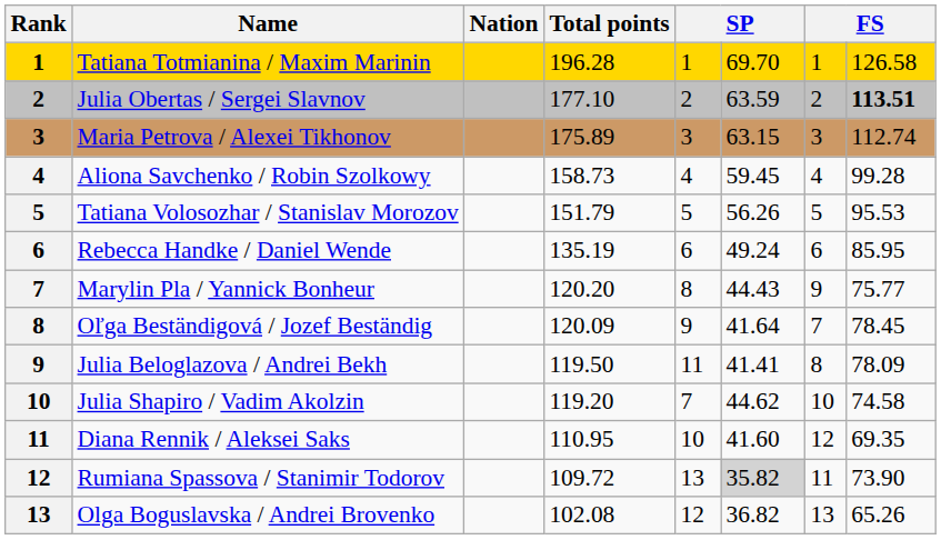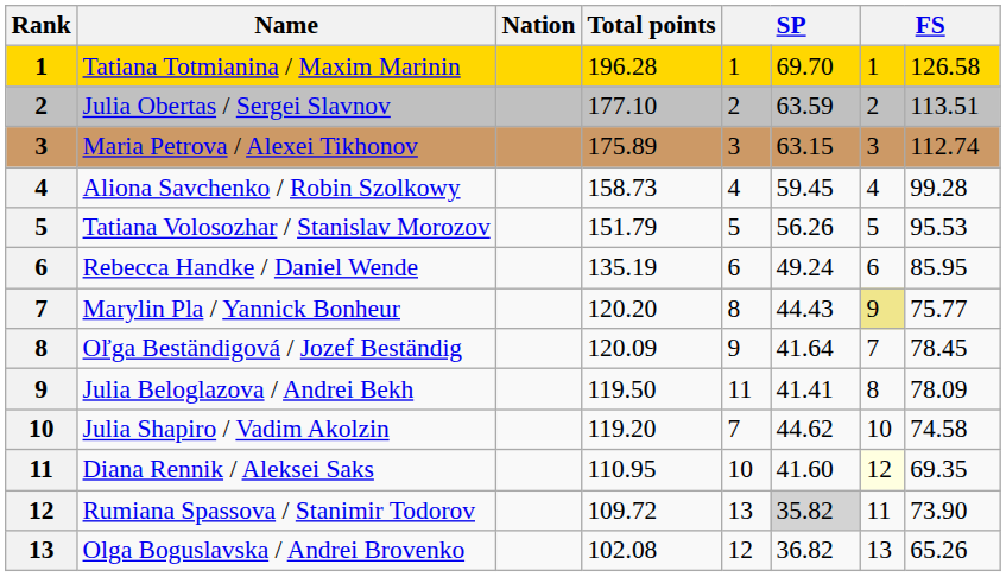 <table class="wikitable">
 <tr>
 <th>Rank</th>
 <th>Name</th>
 <th>Nation</th>
 <th>Total points</th>
 <th colspan="2" width="80px"><a href='#'>SP</a></th>
 <th colspan="2" width="80px"><a href='#'>FS</a></th>
 </tr>
 <tr bgcolor="gold">
 <td align="center"><strong>1</strong></td>
 <td><a href='#'>Tatiana Totmianina</a> / <a href='#'>Maxim Marinin</a></td>
 <td></td>
 <td>196.28</td>
 <td>1</td>
 <td>69.70</td>
 <td>1</td>
 <td>126.58</td>
 </tr>
 <tr bgcolor="silver">
 <td align="center"><strong>2</strong></td>
 <td><a href='#'>Julia Obertas</a> / <a href='#'>Sergei Slavnov</a></td>
 <td></td>
 <td>177.10</td>
 <td>2</td>
 <td>63.59</td>
 <td>2</td>
-<td><strong>113.51</strong></td>
+<td>113.51</td>
 </tr>
 <tr bgcolor="cc9966">
 <td align="center"><strong>3</strong></td>
 <td><a href='#'>Maria Petrova</a> / <a href='#'>Alexei Tikhonov</a></td>
 <td></td>
 <td>175.89</td>
 <td>3</td>
 <td>63.15</td>
 <td>3</td>
 <td>112.74</td>
 </tr>
 <tr>
 <th>4</th>
 <td><a href='#'>Aliona Savchenko</a> / <a href='#'>Robin Szolkowy</a></td>
 <td></td>
 <td>158.73</td>
 <td>4</td>
 <td>59.45</td>
 <td>4</td>
 <td>99.28</td>
 </tr>
 <tr>
 <th>5</th>
 <td><a href='#'>Tatiana Volosozhar</a> / <a href='#'>Stanislav Morozov</a></td>
 <td></td>
 <td>151.79</td>
 <td>5</td>
 <td>56.26</td>
 <td>5</td>
 <td>95.53</td>
 </tr>
 <tr>
 <th>6</th>
 <td><a href='#'>Rebecca Handke</a> / <a href='#'>Daniel Wende</a></td>
 <td></td>
 <td>135.19</td>
 <td>6</td>
 <td>49.24</td>
 <td>6</td>
 <td>85.95</td>
 </tr>
 <tr>
 <th>7</th>
 <td><a href='#'>Marylin Pla</a> / <a href='#'>Yannick Bonheur</a></td>
 <td></td>
 <td>120.20</td>
 <td>8</td>
 <td>44.43</td>
-<td>9</td>
+<td style="background: khaki;">9</td>
 <td>75.77</td>
 </tr>
 <tr>
 <th>8</th>
 <td><a href='#'>Oľga Beständigová</a> / <a href='#'>Jozef Beständig</a></td>
 <td></td>
 <td>120.09</td>
 <td>9</td>
 <td>41.64</td>
 <td>7</td>
 <td>78.45</td>
 </tr>
 <tr>
 <th>9</th>
 <td><a href='#'>Julia Beloglazova</a> / <a href='#'>Andrei Bekh</a></td>
 <td></td>
 <td>119.50</td>
 <td>11</td>
 <td>41.41</td>
 <td>8</td>
 <td>78.09</td>
 </tr>
 <tr>
 <th>10</th>
 <td><a href='#'>Julia Shapiro</a> / <a href='#'>Vadim Akolzin</a></td>
 <td></td>
 <td>119.20</td>
 <td>7</td>
 <td>44.62</td>
 <td>10</td>
 <td>74.58</td>
 </tr>
 <tr>
 <th>11</th>
 <td><a href='#'>Diana Rennik</a> / <a href='#'>Aleksei Saks</a></td>
 <td></td>
 <td>110.95</td>
 <td>10</td>
 <td>41.60</td>
-<td>12</td>
+<td style="background: lightyellow;">12</td>
 <td>69.35</td>
 </tr>
 <tr>
 <th>12</th>
 <td><a href='#'>Rumiana Spassova</a> / <a href='#'>Stanimir Todorov</a></td>
 <td></td>
 <td>109.72</td>
 <td>13</td>
 <td style="background: lightgrey;">35.82</td>
 <td>11</td>
 <td>73.90</td>
 </tr>
 <tr>
 <th>13</th>
 <td><a href='#'>Olga Boguslavska</a> / <a href='#'>Andrei Brovenko</a></td>
 <td></td>
 <td>102.08</td>
 <td>12</td>
 <td>36.82</td>
 <td>13</td>
 <td>65.26</td>
 </tr>
 </table>
